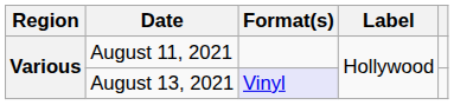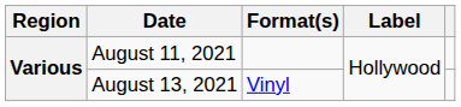 <table class="wikitable plainrowheaders">
 <tr>
 <th scope="col">Region</th>
 <th scope="col">Date</th>
 <th scope="col">Format(s)</th>
 <th scope="col">Label</th>
 <th scope="col"></th>
 </tr>
 <tr>
 <th rowspan="2" scope="row">Various</th>
 <td>August 11, 2021</td>
 <td></td>
 <td rowspan="2">Hollywood</td>
 <td align="center"></td>
 </tr>
 <tr>
 <td>August 13, 2021</td>
-<td style="background: lavender;"><a href='#'>Vinyl</a></td>
+<td><a href='#'>Vinyl</a></td>
 <td align="center"></td>
 </tr>
 </table>
